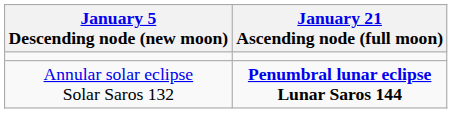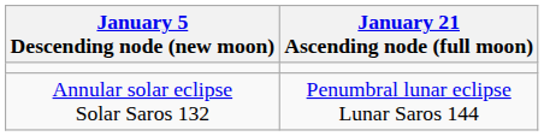 <table class="wikitable">
 <tr>
 <th><a href='#'>January 5</a><br>Descending node (new moon)<br></th>
 <th><a href='#'>January 21</a><br>Ascending node (full moon)<br></th>
 </tr>
 <tr>
 <td></td>
 <td></td>
 </tr>
 <tr align=center>
 <td><a href='#'>Annular solar eclipse</a><br>Solar Saros 132</td>
-<td><strong><a href='#'>Penumbral lunar eclipse</a><br>Lunar Saros 144</strong></td>
+<td><a href='#'>Penumbral lunar eclipse</a><br>Lunar Saros 144</td>
 </tr>
 </table>
